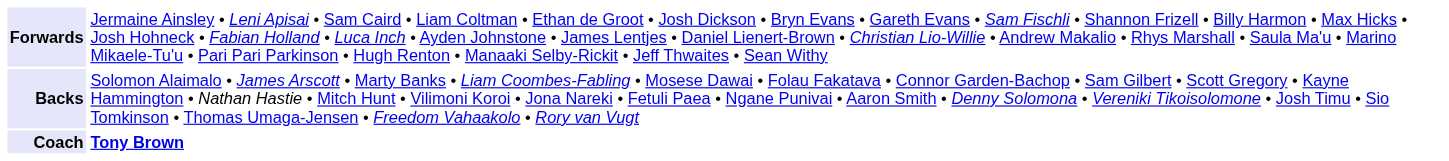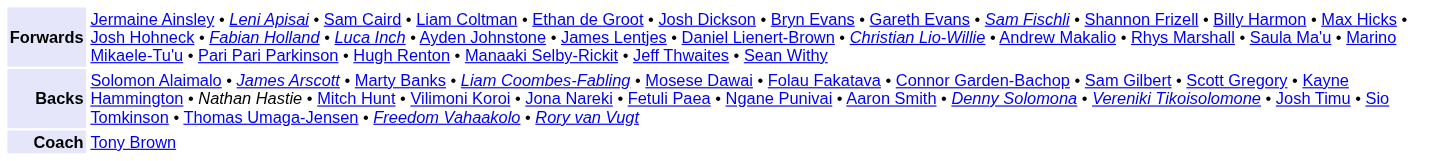 <table cellpadding="2" style="border: 1px solid white; font-size:90%">
 <tr>
 <td style="text-align:right;" bgcolor="lavender"><strong>Forwards</strong></td>
 <td style="text-align:left;"><a href='#'>Jermaine Ainsley</a> • <em><a href='#'>Leni Apisai</a></em> • <a href='#'>Sam Caird</a> • <a href='#'>Liam Coltman</a> • <a href='#'>Ethan de Groot</a> • <a href='#'>Josh Dickson</a> • <a href='#'>Bryn Evans</a> • <a href='#'>Gareth Evans</a> • <em><a href='#'>Sam Fischli</a></em> • <a href='#'>Shannon Frizell</a> • <a href='#'>Billy Harmon</a> • <a href='#'>Max Hicks</a> • <a href='#'>Josh Hohneck</a> • <em><a href='#'>Fabian Holland</a></em> • <em><a href='#'>Luca Inch</a></em> • <a href='#'>Ayden Johnstone</a> • <a href='#'>James Lentjes</a> • <a href='#'>Daniel Lienert-Brown</a> • <em><a href='#'>Christian Lio-Willie</a></em> • <a href='#'>Andrew Makalio</a> • <a href='#'>Rhys Marshall</a> • <a href='#'>Saula Ma'u</a> • <a href='#'>Marino Mikaele-Tu'u</a> • <a href='#'>Pari Pari Parkinson</a> • <a href='#'>Hugh Renton</a> • <a href='#'>Manaaki Selby-Rickit</a> • <a href='#'>Jeff Thwaites</a> • <a href='#'>Sean Withy</a></td>
 </tr>
 <tr>
 <td style="text-align:right;" bgcolor="lavender"><strong>Backs</strong></td>
 <td style="text-align:left;"><a href='#'>Solomon Alaimalo</a> • <em><a href='#'>James Arscott</a></em> • <a href='#'>Marty Banks</a> • <em><a href='#'>Liam Coombes-Fabling</a></em> • <a href='#'>Mosese Dawai</a> • <a href='#'>Folau Fakatava</a> • <a href='#'>Connor Garden-Bachop</a> • <a href='#'>Sam Gilbert</a> • <a href='#'>Scott Gregory</a> • <a href='#'>Kayne Hammington</a> • <em>Nathan Hastie</em> • <a href='#'>Mitch Hunt</a> • <a href='#'>Vilimoni Koroi</a> • <a href='#'>Jona Nareki</a> • <a href='#'>Fetuli Paea</a> • <a href='#'>Ngane Punivai</a> • <a href='#'>Aaron Smith</a> • <em><a href='#'>Denny Solomona</a></em> • <em><a href='#'>Vereniki Tikoisolomone</a></em> • <a href='#'>Josh Timu</a> • <a href='#'>Sio Tomkinson</a> • <a href='#'>Thomas Umaga-Jensen</a> • <em><a href='#'>Freedom Vahaakolo</a></em> • <em><a href='#'>Rory van Vugt</a></em></td>
 </tr>
 <tr>
 <td style="text-align:right;" bgcolor="lavender"><strong>Coach</strong></td>
-<td style="text-align:left;"><strong><a href='#'>Tony Brown</a></strong></td>
+<td style="text-align:left;"><a href='#'>Tony Brown</a></td>
 </tr>
 </table>
